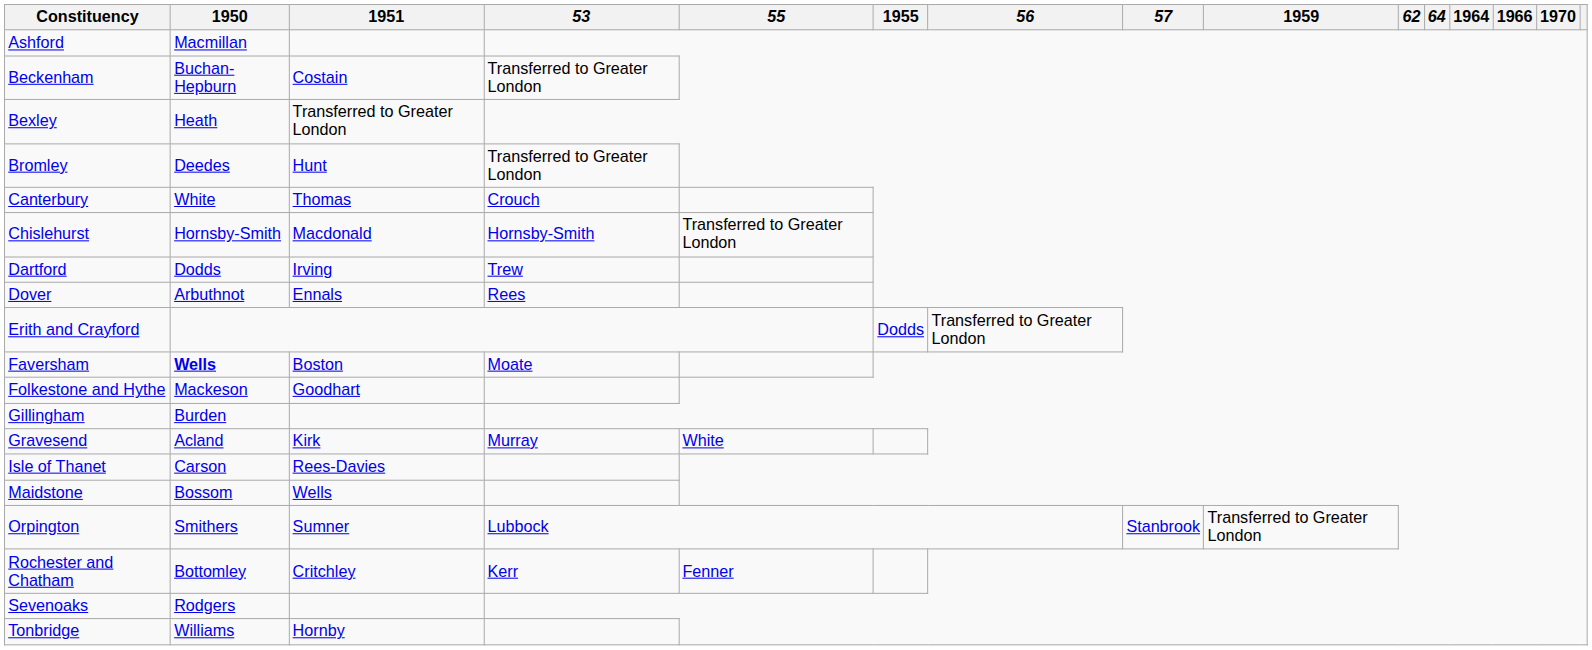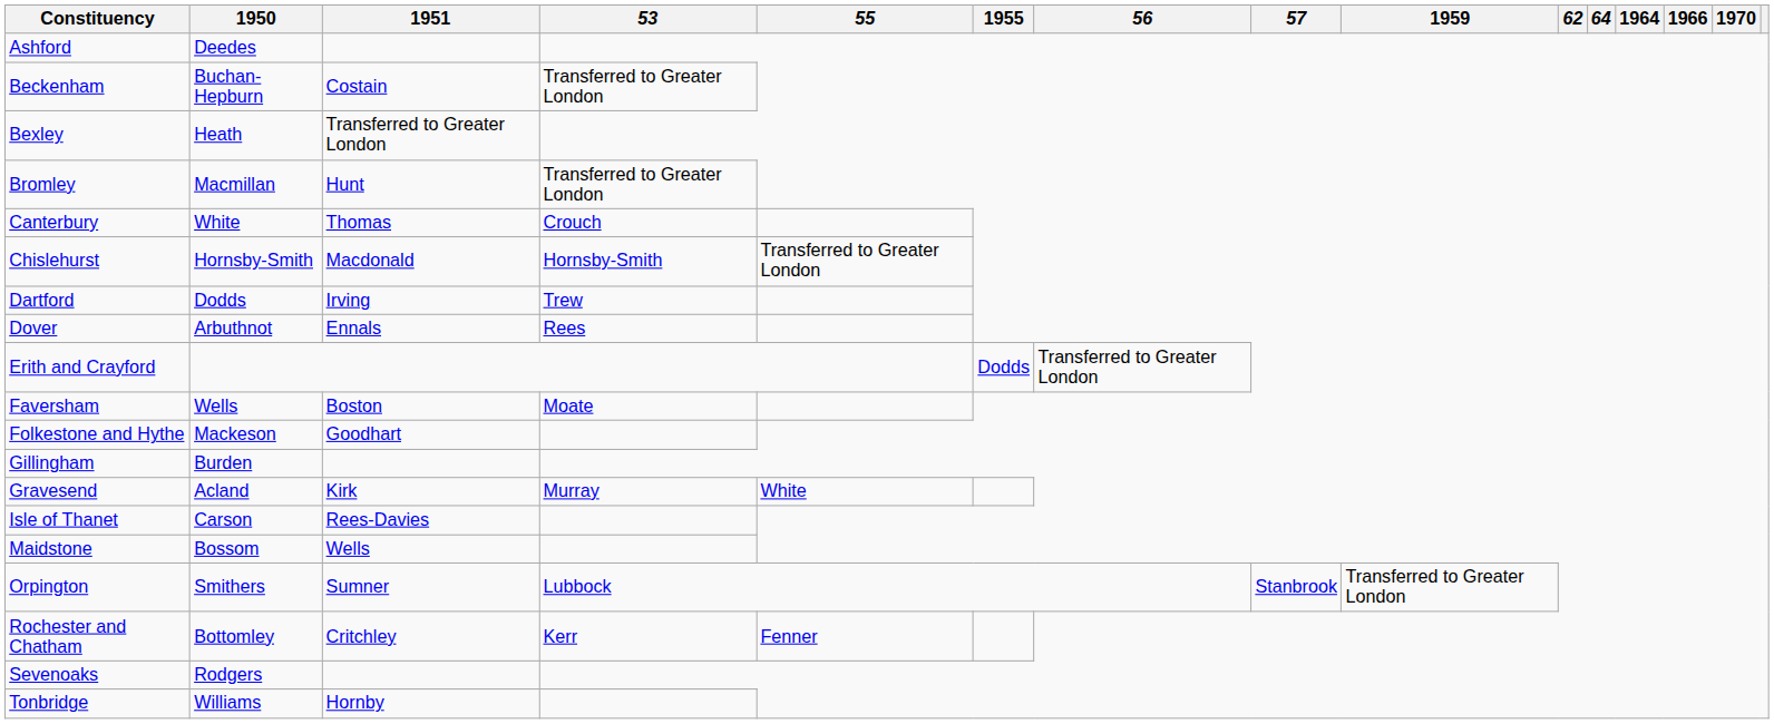 <table class="wikitable">
 <tr>
 <th>Constituency</th>
 <th>1950</th>
 <th>1951</th>
 <th><em>53</em></th>
 <th><em>55</em></th>
 <th>1955</th>
 <th><em>56</em></th>
 <th><em>57</em></th>
 <th>1959</th>
 <th><em>62</em></th>
 <th><em>64</em></th>
 <th>1964</th>
 <th>1966</th>
 <th>1970</th>
 <th></th>
 </tr>
 <tr>
 <td><a href='#'>Ashford</a></td>
-<td><a href='#'>Macmillan</a></td>
+<td><a href='#'>Deedes</a></td>
 <td></td>
 </tr>
 <tr>
 <td><a href='#'>Beckenham</a></td>
 <td><a href='#'>Buchan-Hepburn</a></td>
 <td><a href='#'>Costain</a></td>
 <td>Transferred to Greater London</td>
 </tr>
 <tr>
 <td><a href='#'>Bexley</a></td>
 <td><a href='#'>Heath</a></td>
 <td>Transferred to Greater London</td>
 </tr>
 <tr>
 <td><a href='#'>Bromley</a></td>
-<td><a href='#'>Deedes</a></td>
+<td><a href='#'>Macmillan</a></td>
 <td><a href='#'>Hunt</a></td>
 <td>Transferred to Greater London</td>
 </tr>
 <tr>
 <td><a href='#'>Canterbury</a></td>
 <td><a href='#'>White</a></td>
 <td><a href='#'>Thomas</a></td>
 <td><a href='#'>Crouch</a></td>
 <td></td>
 </tr>
 <tr>
 <td><a href='#'>Chislehurst</a></td>
 <td><a href='#'>Hornsby-Smith</a></td>
 <td><a href='#'>Macdonald</a></td>
 <td><a href='#'>Hornsby-Smith</a></td>
 <td>Transferred to Greater London</td>
 </tr>
 <tr>
 <td><a href='#'>Dartford</a></td>
 <td><a href='#'>Dodds</a></td>
 <td><a href='#'>Irving</a></td>
 <td><a href='#'>Trew</a></td>
 <td></td>
 </tr>
 <tr>
 <td><a href='#'>Dover</a></td>
 <td><a href='#'>Arbuthnot</a></td>
 <td><a href='#'>Ennals</a></td>
 <td><a href='#'>Rees</a></td>
 <td></td>
 </tr>
 <tr>
 <td><a href='#'>Erith and Crayford</a></td>
 <td colspan="4"></td>
 <td><a href='#'>Dodds</a></td>
 <td>Transferred to Greater London</td>
 </tr>
 <tr>
 <td><a href='#'>Faversham</a></td>
-<td><strong><a href='#'>Wells</a></strong></td>
+<td><a href='#'>Wells</a></td>
 <td><a href='#'>Boston</a></td>
 <td><a href='#'>Moate</a></td>
 <td></td>
 </tr>
 <tr>
 <td><a href='#'>Folkestone and Hythe</a></td>
 <td><a href='#'>Mackeson</a></td>
 <td><a href='#'>Goodhart</a></td>
 <td></td>
 </tr>
 <tr>
 <td><a href='#'>Gillingham</a></td>
 <td><a href='#'>Burden</a></td>
 <td></td>
 </tr>
 <tr>
 <td><a href='#'>Gravesend</a></td>
 <td><a href='#'>Acland</a></td>
 <td><a href='#'>Kirk</a></td>
 <td><a href='#'>Murray</a></td>
 <td><a href='#'>White</a></td>
 <td></td>
 </tr>
 <tr>
 <td><a href='#'>Isle of Thanet</a></td>
 <td><a href='#'>Carson</a></td>
 <td><a href='#'>Rees-Davies</a></td>
 <td></td>
 </tr>
 <tr>
 <td><a href='#'>Maidstone</a></td>
 <td><a href='#'>Bossom</a></td>
 <td><a href='#'>Wells</a></td>
 <td></td>
 </tr>
 <tr>
 <td><a href='#'>Orpington</a></td>
 <td><a href='#'>Smithers</a></td>
 <td><a href='#'>Sumner</a></td>
 <td colspan="4"><a href='#'>Lubbock</a></td>
 <td><a href='#'>Stanbrook</a></td>
 <td>Transferred to Greater London</td>
 </tr>
 <tr>
 <td><a href='#'>Rochester and Chatham</a></td>
 <td><a href='#'>Bottomley</a></td>
 <td><a href='#'>Critchley</a></td>
 <td><a href='#'>Kerr</a></td>
 <td><a href='#'>Fenner</a></td>
 <td></td>
 </tr>
 <tr>
 <td><a href='#'>Sevenoaks</a></td>
 <td><a href='#'>Rodgers</a></td>
 <td></td>
 </tr>
 <tr>
 <td><a href='#'>Tonbridge</a></td>
 <td><a href='#'>Williams</a></td>
 <td><a href='#'>Hornby</a></td>
 <td></td>
 </tr>
 </table>
